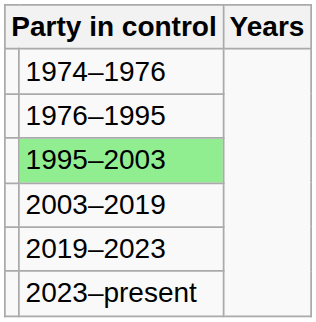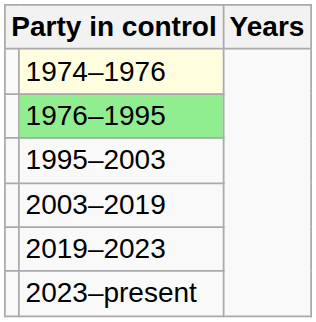 <table class="wikitable">
 <tr>
 <th colspan="2">Party in control</th>
 <th>Years</th>
 </tr>
 <tr>
 <td></td>
-<td>1974–1976</td>
+<td style="background: lightyellow;">1974–1976</td>
 </tr>
 <tr>
 <td></td>
-<td>1976–1995</td>
+<td style="background: lightgreen;">1976–1995</td>
 </tr>
 <tr>
 <td></td>
-<td style="background: lightgreen;">1995–2003</td>
+<td>1995–2003</td>
 </tr>
 <tr>
 <td></td>
 <td>2003–2019</td>
 </tr>
 <tr>
 <td></td>
 <td>2019–2023</td>
 </tr>
 <tr>
 <td></td>
 <td>2023–present</td>
 </tr>
 </table>
